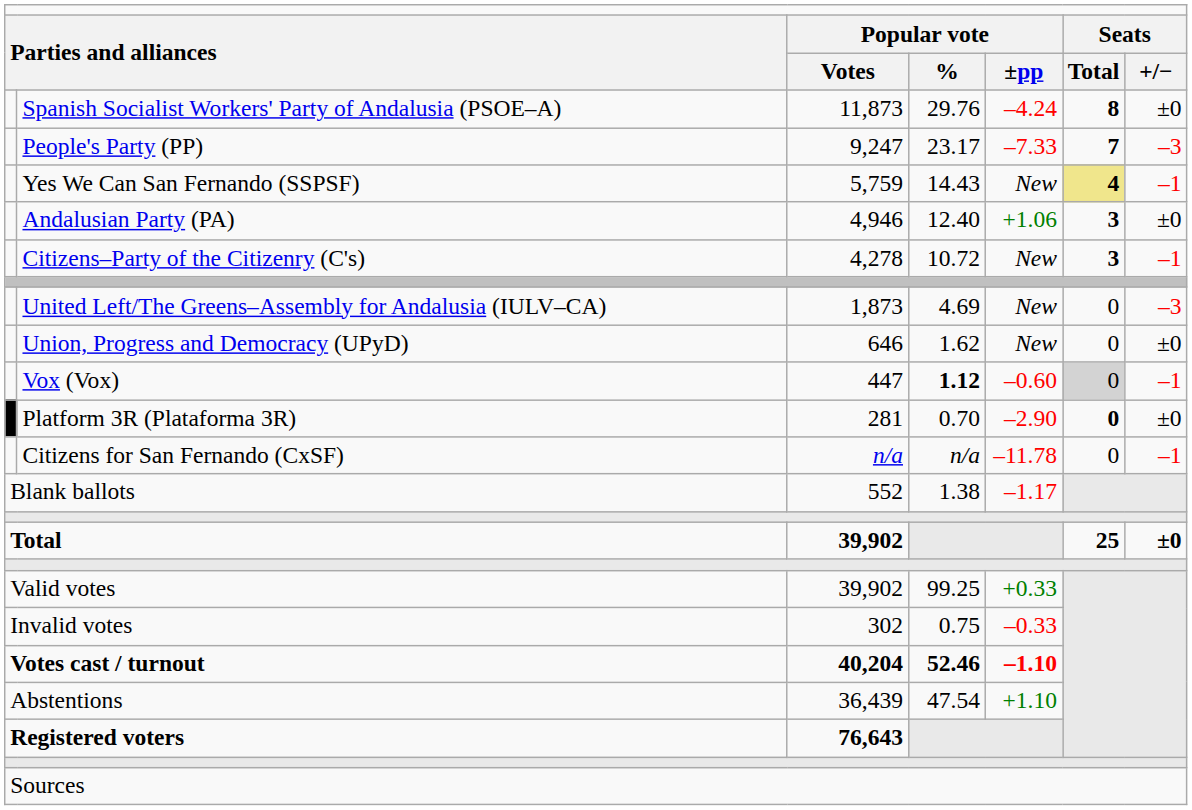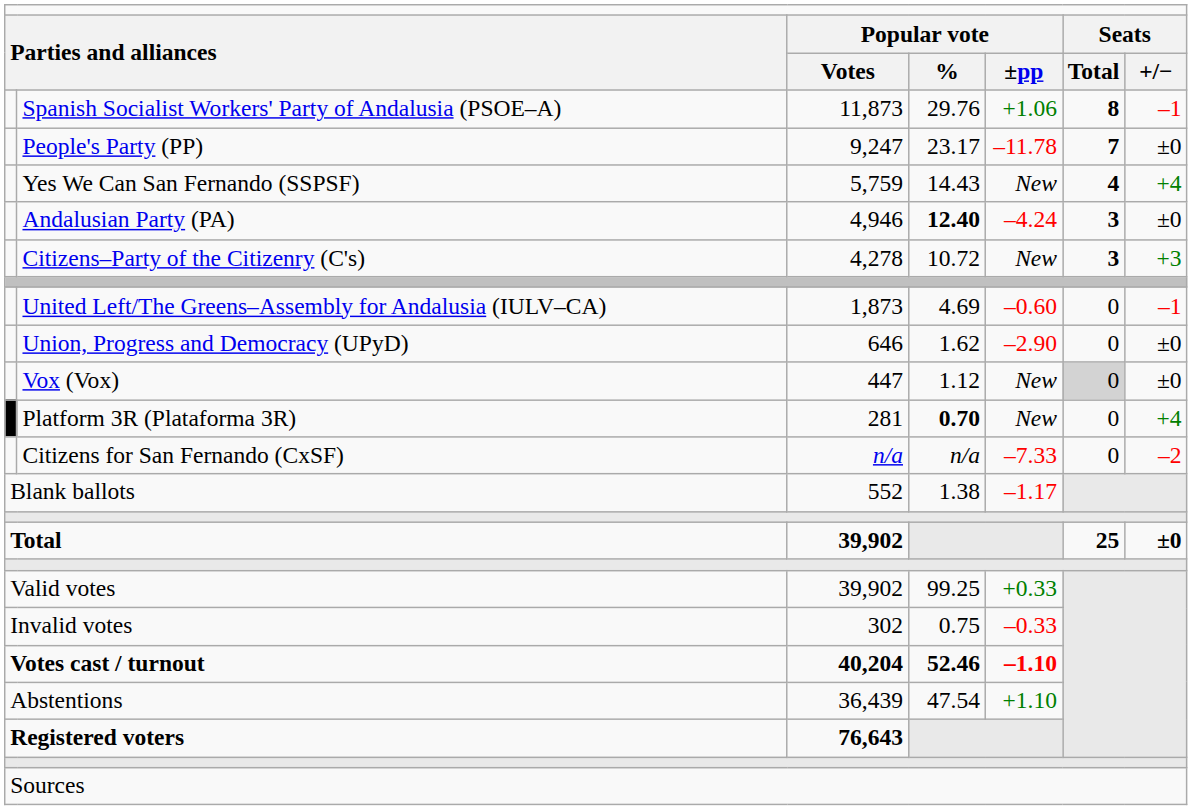 <table class="wikitable" style="text-align:right;">
 <tr>
 <td colspan="7"></td>
 </tr>
 <tr>
 <th style="text-align:left;" rowspan="2" colspan="2" width="525">Parties and alliances</th>
 <th colspan="3">Popular vote</th>
 <th colspan="2">Seats</th>
 </tr>
 <tr>
 <th width="75">Votes</th>
 <th width="45">%</th>
 <th width="45">±<a href='#'>pp</a></th>
 <th width="35">Total</th>
 <th width="35">+/−</th>
 </tr>
 <tr>
 <td width="1" style="color:inherit;background:"></td>
 <td align="left"><a href='#'>Spanish Socialist Workers' Party of Andalusia</a> (PSOE–A)</td>
 <td>11,873</td>
 <td>29.76</td>
-<td style="color:red;">–4.24</td>
+<td style="color:green;">+1.06</td>
 <td><strong>8</strong></td>
-<td>±0</td>
+<td style="color:red;">–1</td>
 </tr>
 <tr>
 <td style="color:inherit;background:"></td>
 <td align="left"><a href='#'>People's Party</a> (PP)</td>
 <td>9,247</td>
 <td>23.17</td>
-<td style="color:red;">–7.33</td>
+<td style="color:red;">–11.78</td>
 <td><strong>7</strong></td>
-<td style="color:red;">–3</td>
+<td>±0</td>
 </tr>
 <tr>
 <td style="color:inherit;background:"></td>
 <td align="left">Yes We Can San Fernando (SSPSF)</td>
 <td>5,759</td>
 <td>14.43</td>
 <td><em>New</em></td>
-<td style="background: khaki;"><strong>4</strong></td>
-<td style="color:red;">–1</td>
+<td><strong>4</strong></td>
+<td style="color:green;">+4</td>
 </tr>
 <tr>
 <td style="color:inherit;background:"></td>
 <td align="left"><a href='#'>Andalusian Party</a> (PA)</td>
 <td>4,946</td>
-<td>12.40</td>
-<td style="color:green;">+1.06</td>
+<td><strong>12.40</strong></td>
+<td style="color:red;">–4.24</td>
 <td><strong>3</strong></td>
 <td>±0</td>
 </tr>
 <tr>
 <td style="color:inherit;background:"></td>
 <td align="left"><a href='#'>Citizens–Party of the Citizenry</a> (C's)</td>
 <td>4,278</td>
 <td>10.72</td>
 <td><em>New</em></td>
 <td><strong>3</strong></td>
-<td style="color:red;">–1</td>
+<td style="color:green;">+3</td>
 </tr>
 <tr>
 <td colspan="7" bgcolor="#C0C0C0"></td>
 </tr>
 <tr>
 <td style="color:inherit;background:"></td>
 <td align="left"><a href='#'>United Left/The Greens–Assembly for Andalusia</a> (IULV–CA)</td>
 <td>1,873</td>
 <td>4.69</td>
-<td><em>New</em></td>
+<td style="color:red;">–0.60</td>
 <td>0</td>
-<td style="color:red;">–3</td>
+<td style="color:red;">–1</td>
 </tr>
 <tr>
 <td style="color:inherit;background:"></td>
 <td align="left"><a href='#'>Union, Progress and Democracy</a> (UPyD)</td>
 <td>646</td>
 <td>1.62</td>
-<td><em>New</em></td>
+<td style="color:red;">–2.90</td>
 <td>0</td>
 <td>±0</td>
 </tr>
 <tr>
 <td style="color:inherit;background:"></td>
 <td align="left"><a href='#'>Vox</a> (Vox)</td>
 <td>447</td>
-<td><strong>1.12</strong></td>
-<td style="color:red;">–0.60</td>
+<td>1.12</td>
+<td><em>New</em></td>
 <td style="background: lightgrey;">0</td>
-<td style="color:red;">–1</td>
+<td>±0</td>
 </tr>
 <tr>
 <td bgcolor="black"></td>
 <td align="left">Platform 3R (Plataforma 3R)</td>
 <td>281</td>
-<td>0.70</td>
-<td style="color:red;">–2.90</td>
-<td><strong>0</strong></td>
-<td>±0</td>
+<td><strong>0.70</strong></td>
+<td><em>New</em></td>
+<td>0</td>
+<td style="color:green;">+4</td>
 </tr>
 <tr>
 <td style="color:inherit;background:"></td>
 <td align="left">Citizens for San Fernando (CxSF)</td>
 <td><em><a href='#'>n/a</a></em></td>
 <td><em>n/a</em></td>
-<td style="color:red;">–11.78</td>
+<td style="color:red;">–7.33</td>
 <td>0</td>
-<td style="color:red;">–1</td>
+<td style="color:red;">–2</td>
 </tr>
 <tr>
 <td align="left" colspan="2">Blank ballots</td>
 <td>552</td>
 <td>1.38</td>
 <td style="color:red;">–1.17</td>
 <td bgcolor="#E9E9E9" colspan="2"></td>
 </tr>
 <tr>
 <td colspan="7" bgcolor="#E9E9E9"></td>
 </tr>
 <tr style="font-weight:bold;">
 <td align="left" colspan="2">Total</td>
 <td>39,902</td>
 <td bgcolor="#E9E9E9" colspan="2"></td>
 <td>25</td>
 <td>±0</td>
 </tr>
 <tr>
 <td colspan="7" bgcolor="#E9E9E9"></td>
 </tr>
 <tr>
 <td align="left" colspan="2">Valid votes</td>
 <td>39,902</td>
 <td>99.25</td>
 <td style="color:green;">+0.33</td>
 <td bgcolor="#E9E9E9" colspan="2" rowspan="5"></td>
 </tr>
 <tr>
 <td align="left" colspan="2">Invalid votes</td>
 <td>302</td>
 <td>0.75</td>
 <td style="color:red;">–0.33</td>
 </tr>
 <tr style="font-weight:bold;">
 <td align="left" colspan="2">Votes cast / turnout</td>
 <td>40,204</td>
 <td>52.46</td>
 <td style="color:red;">–1.10</td>
 </tr>
 <tr>
 <td align="left" colspan="2">Abstentions</td>
 <td>36,439</td>
 <td>47.54</td>
 <td style="color:green;">+1.10</td>
 </tr>
 <tr style="font-weight:bold;">
 <td align="left" colspan="2">Registered voters</td>
 <td>76,643</td>
 <td bgcolor="#E9E9E9" colspan="2"></td>
 </tr>
 <tr>
 <td colspan="7" bgcolor="#E9E9E9"></td>
 </tr>
 <tr>
 <td align="left" colspan="7">Sources</td>
 </tr>
 </table>
